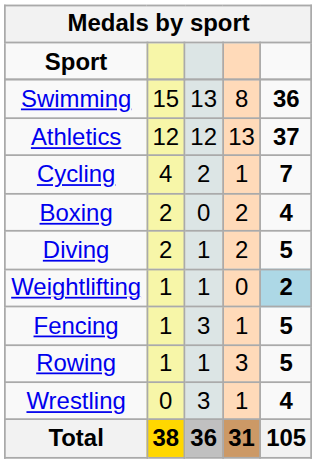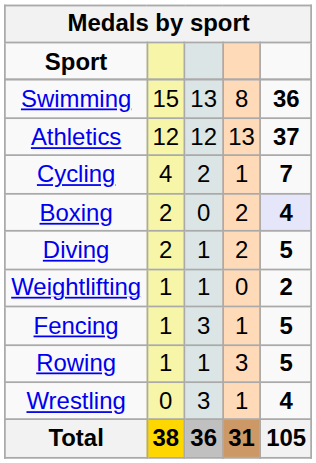 <table class="wikitable" style="font-size:85%; float:right">
 <tr style="background:#efefef;">
 <th colspan=7><strong>Medals by sport</strong></th>
 </tr>
 <tr align=center>
 <td><strong>Sport</strong></td>
 <td bgcolor=#f7f6a8></td>
 <td bgcolor=#dce5e5></td>
 <td bgcolor=#ffdab9></td>
 <td></td>
 </tr>
 <tr>
 </tr>
 <tr align=center>
 <td><a href='#'>Swimming</a></td>
 <td style="Background:#F7F6A8;">15</td>
 <td style="background:#DCE5E5;">13</td>
 <td style="background:#FFDAB9;">8</td>
 <td><strong>36</strong></td>
 </tr>
 <tr align=center>
 <td><a href='#'>Athletics</a></td>
 <td style="Background:#F7F6A8;">12</td>
 <td style="background:#DCE5E5;">12</td>
 <td style="background:#FFDAB9;">13</td>
 <td><strong>37</strong></td>
 </tr>
 <tr align=center>
 <td><a href='#'>Cycling</a></td>
 <td style="Background:#F7F6A8;">4</td>
 <td style="background:#DCE5E5;">2</td>
 <td style="background:#FFDAB9;">1</td>
 <td><strong>7</strong></td>
 </tr>
 <tr align=center>
 <td><a href='#'>Boxing</a></td>
 <td style="Background:#F7F6A8;">2</td>
 <td style="background:#DCE5E5;">0</td>
 <td style="background:#FFDAB9;">2</td>
-<td><strong>4</strong></td>
+<td style="background: lavender;"><strong>4</strong></td>
 </tr>
 <tr align=center>
 <td><a href='#'>Diving</a></td>
 <td style="Background:#F7F6A8;">2</td>
 <td style="background:#DCE5E5;">1</td>
 <td style="background:#FFDAB9;">2</td>
 <td><strong>5</strong></td>
 </tr>
 <tr align=center>
 <td><a href='#'>Weightlifting</a></td>
 <td style="Background:#F7F6A8;">1</td>
 <td style="background:#DCE5E5;">1</td>
 <td style="background:#FFDAB9;">0</td>
-<td style="background: lightblue;"><strong>2</strong></td>
+<td><strong>2</strong></td>
 </tr>
 <tr align=center>
 <td><a href='#'>Fencing</a></td>
 <td style="Background:#F7F6A8;">1</td>
 <td style="background:#DCE5E5;">3</td>
 <td style="background:#FFDAB9;">1</td>
 <td><strong>5</strong></td>
 </tr>
 <tr align=center>
 <td><a href='#'>Rowing</a></td>
 <td style="Background:#F7F6A8;">1</td>
 <td style="background:#DCE5E5;">1</td>
 <td style="background:#FFDAB9;">3</td>
 <td><strong>5</strong></td>
 </tr>
 <tr align=center>
 <td><a href='#'>Wrestling</a></td>
 <td style="Background:#F7F6A8;">0</td>
 <td style="background:#DCE5E5;">3</td>
 <td style="background:#FFDAB9;">1</td>
 <td><strong>4</strong></td>
 </tr>
 <tr align=center>
 <th>Total</th>
 <th style="background:gold;">38</th>
 <th style="background:silver;">36</th>
 <th style="background:#c96;">31</th>
 <th>105</th>
 </tr>
 </table>
